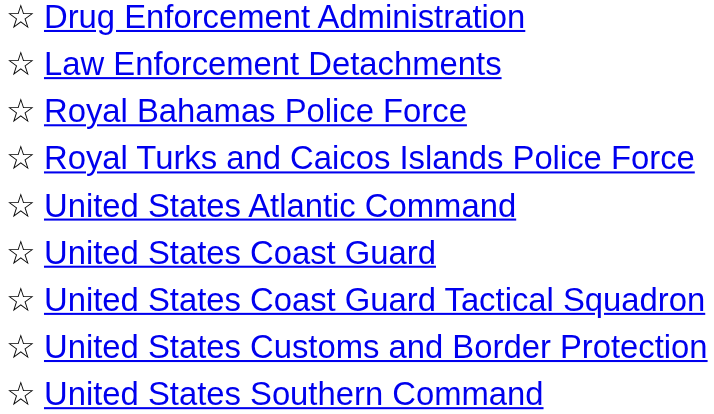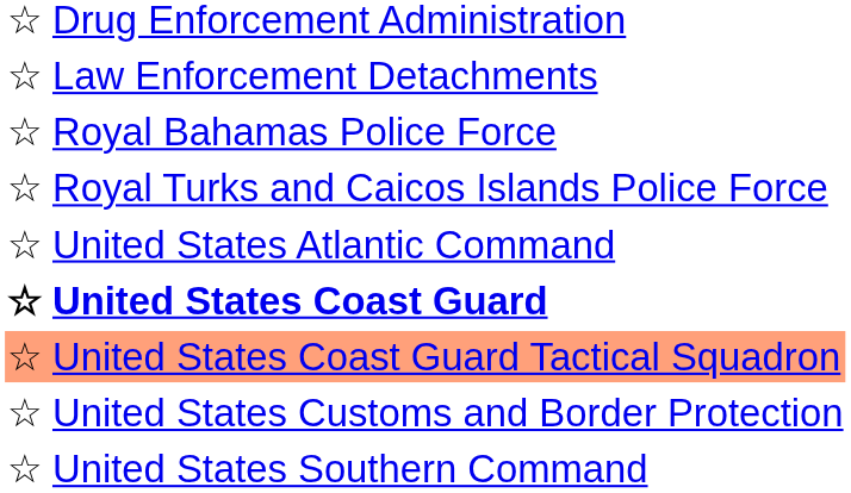 <table>
 <tr>
 <td>☆ <a href='#'>Drug Enforcement Administration</a></td>
 </tr>
 <tr>
 <td>☆ <a href='#'>Law Enforcement Detachments</a></td>
 </tr>
 <tr>
 <td>☆ <a href='#'>Royal Bahamas Police Force</a></td>
 </tr>
 <tr>
 <td>☆ <a href='#'>Royal Turks and Caicos Islands Police Force</a></td>
 </tr>
 <tr>
 <td>☆ <a href='#'>United States Atlantic Command</a></td>
 </tr>
 <tr>
-<td>☆ <a href='#'>United States Coast Guard</a></td>
+<td><strong>☆ <a href='#'>United States Coast Guard</a></strong></td>
 </tr>
 <tr>
-<td>☆ <a href='#'>United States Coast Guard Tactical Squadron</a></td>
+<td style="background: lightsalmon;">☆ <a href='#'>United States Coast Guard Tactical Squadron</a></td>
 </tr>
 <tr>
 <td>☆ <a href='#'>United States Customs and Border Protection</a></td>
 </tr>
 <tr>
 <td>☆ <a href='#'>United States Southern Command</a></td>
 </tr>
 </table>
